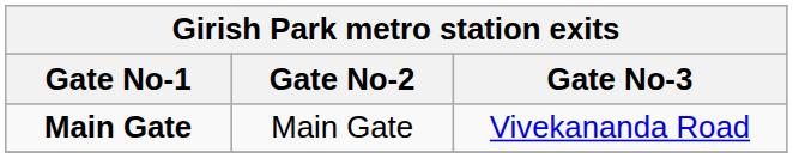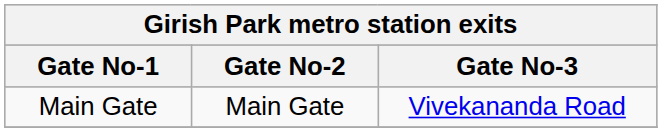 <table class="wikitable" style="text-align: center;" width="65%">
 <tr>
 <th align="center" colspan="3" style="background:;"><span><strong> Girish Park metro station exits </strong></span></th>
 </tr>
 <tr>
 <th style="width:5%;">Gate No-1</th>
 <th style="width:5%;">Gate No-2</th>
 <th style="width:5%;">Gate No-3</th>
 </tr>
 <tr>
-<td><strong>Main Gate</strong></td>
+<td>Main Gate</td>
 <td>Main Gate</td>
 <td><a href='#'>Vivekananda Road</a></td>
 </tr>
 <tr>
 </tr>
 </table>
